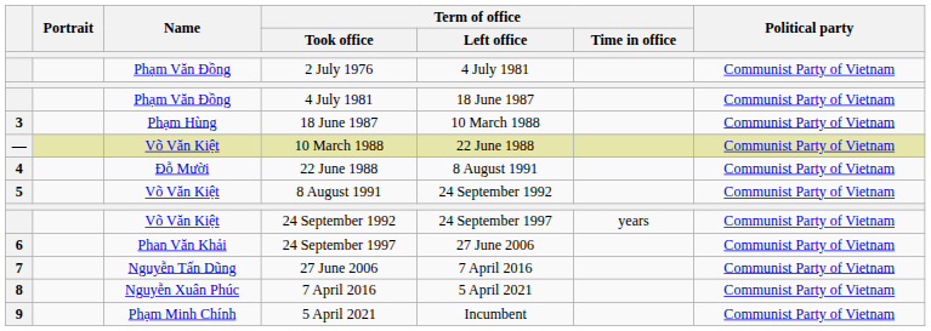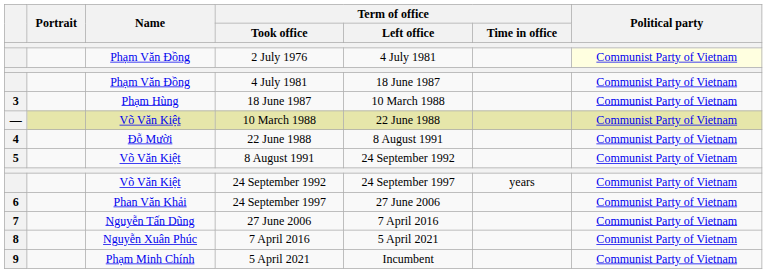 <table class="wikitable" style="text-align:center; border:1px #aaf solid; width:80%;">
 <tr>
 <th rowspan="2"></th>
 <th rowspan="2" style="width:70px;">Portrait</th>
 <th rowspan="2">Name<br></th>
 <th colspan="3">Term of office</th>
 <th rowspan="2">Political party</th>
 </tr>
 <tr>
 <th>Took office</th>
 <th>Left office</th>
 <th>Time in office</th>
 </tr>
 <tr>
 <th colspan=7></th>
 </tr>
 <tr>
 <th style="background:"></th>
 <td></td>
 <td><a href='#'>Phạm Văn Đồng</a><br></td>
 <td>2 July 1976</td>
 <td>4 July 1981</td>
 <td></td>
-<td><a href='#'>Communist Party of Vietnam</a></td>
+<td style="background: lightyellow;"><a href='#'>Communist Party of Vietnam</a></td>
 </tr>
 <tr>
 <th colspan=7></th>
 </tr>
 <tr>
 <th style="background:"></th>
 <td></td>
 <td><a href='#'>Phạm Văn Đồng</a><br></td>
 <td>4 July 1981</td>
 <td>18 June 1987</td>
 <td></td>
 <td><a href='#'>Communist Party of Vietnam</a></td>
 </tr>
 <tr>
 <th style="background:">3</th>
 <td></td>
 <td><a href='#'>Phạm Hùng</a><br></td>
 <td>18 June 1987</td>
 <td>10 March 1988</td>
 <td></td>
 <td><a href='#'>Communist Party of Vietnam</a></td>
 </tr>
 <tr>
 <th style="background:">—</th>
 <td style="background:#e6e6aa;"></td>
 <td style="background:#e6e6aa;"><a href='#'>Võ Văn Kiệt</a><br></td>
 <td style="background:#e6e6aa;">10 March 1988</td>
 <td style="background:#e6e6aa;">22 June 1988</td>
 <td style="background:#e6e6aa;"></td>
 <td style="background:#e6e6aa;"><a href='#'>Communist Party of Vietnam</a></td>
 </tr>
 <tr>
 <th style="background:">4</th>
 <td></td>
 <td><a href='#'>Đỗ Mười</a><br></td>
 <td>22 June 1988</td>
 <td>8 August 1991</td>
 <td></td>
 <td><a href='#'>Communist Party of Vietnam</a></td>
 </tr>
 <tr>
 <th style="background:">5</th>
 <td></td>
 <td><a href='#'>Võ Văn Kiệt</a><br></td>
 <td>8 August 1991</td>
 <td>24 September 1992</td>
 <td></td>
 <td><a href='#'>Communist Party of Vietnam</a></td>
 </tr>
 <tr>
 <th colspan=7></th>
 </tr>
 <tr>
 <th style="background:"></th>
 <td></td>
 <td><a href='#'>Võ Văn Kiệt</a><br></td>
 <td>24 September 1992</td>
 <td>24 September 1997</td>
 <td> years</td>
 <td><a href='#'>Communist Party of Vietnam</a></td>
 </tr>
 <tr>
 <th style="background:">6</th>
 <td></td>
 <td><a href='#'>Phan Văn Khải</a><br></td>
 <td>24 September 1997</td>
 <td>27 June 2006</td>
 <td></td>
 <td><a href='#'>Communist Party of Vietnam</a></td>
 </tr>
 <tr>
 <th style="background:">7</th>
 <td></td>
 <td><a href='#'>Nguyễn Tấn Dũng</a><br></td>
 <td>27 June 2006</td>
 <td>7 April 2016</td>
 <td></td>
 <td><a href='#'>Communist Party of Vietnam</a></td>
 </tr>
 <tr>
 <th style="background:">8</th>
 <td></td>
 <td><a href='#'>Nguyễn Xuân Phúc</a><br></td>
 <td>7 April 2016</td>
 <td>5 April 2021</td>
 <td></td>
 <td><a href='#'>Communist Party of Vietnam</a></td>
 </tr>
 <tr>
 <th style="background:">9</th>
 <td></td>
 <td><a href='#'>Phạm Minh Chính</a><br></td>
 <td>5 April 2021</td>
 <td>Incumbent</td>
 <td></td>
 <td><a href='#'>Communist Party of Vietnam</a></td>
 </tr>
 </table>
